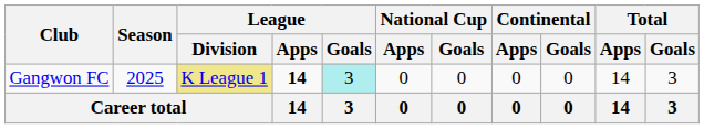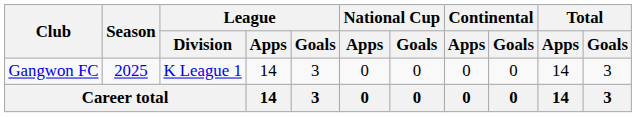 <table class="wikitable" style="text-align: center">
 <tr>
 <th rowspan="2">Club</th>
 <th rowspan="2">Season</th>
 <th colspan="3">League</th>
 <th colspan="2">National Cup</th>
 <th colspan="2">Continental</th>
 <th colspan="2">Total</th>
 </tr>
 <tr>
 <th>Division</th>
 <th>Apps</th>
 <th>Goals</th>
 <th>Apps</th>
 <th>Goals</th>
 <th>Apps</th>
 <th>Goals</th>
 <th>Apps</th>
 <th>Goals</th>
 </tr>
 <tr>
 <td><a href='#'>Gangwon FC</a></td>
 <td><a href='#'>2025</a></td>
-<td style="background: khaki;"><a href='#'>K League 1</a></td>
-<td><strong>14</strong></td>
-<td style="background: paleturquoise;">3</td>
+<td><a href='#'>K League 1</a></td>
+<td>14</td>
+<td>3</td>
 <td>0</td>
 <td>0</td>
 <td>0</td>
 <td>0</td>
 <td>14</td>
 <td>3</td>
 </tr>
 <tr>
 <th colspan=3>Career total</th>
 <th>14</th>
 <th>3</th>
 <th>0</th>
 <th>0</th>
 <th>0</th>
 <th>0</th>
 <th>14</th>
 <th>3</th>
 </tr>
 </table>
